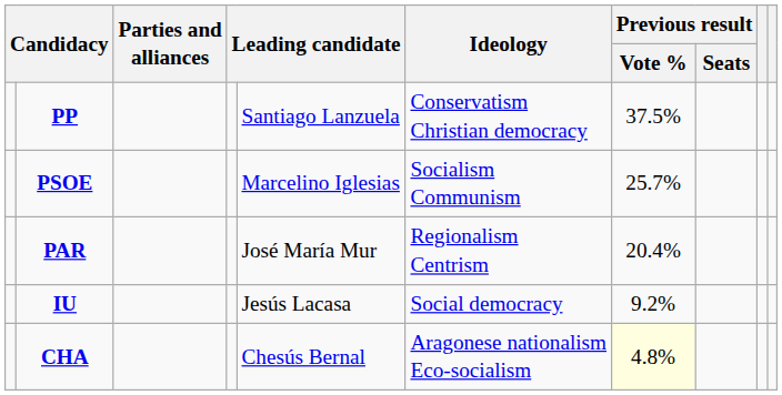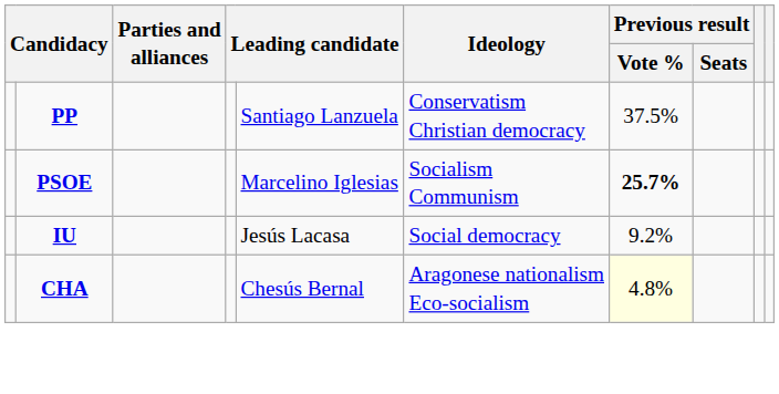 <table class="wikitable" style="line-height:1.35em; text-align:left;">
 <tr>
 <th colspan="2" rowspan="2">Candidacy</th>
 <th rowspan="2">Parties and<br>alliances</th>
 <th colspan="2" rowspan="2">Leading candidate</th>
 <th rowspan="2">Ideology</th>
 <th colspan="2">Previous result</th>
 <th rowspan="2"></th>
 <th rowspan="2"></th>
 </tr>
 <tr>
 <th>Vote %</th>
 <th>Seats</th>
 </tr>
 <tr>
 <td width="1" style="color:inherit;background:"></td>
 <td align="center"><strong><a href='#'>PP</a></strong></td>
 <td></td>
 <td></td>
 <td><a href='#'>Santiago Lanzuela</a></td>
 <td><a href='#'>Conservatism</a><br><a href='#'>Christian democracy</a></td>
 <td align="center">37.5%</td>
 <td></td>
 <td></td>
 <td></td>
 </tr>
 <tr>
 <td style="color:inherit;background:"></td>
 <td align="center"><strong><a href='#'>PSOE</a></strong></td>
 <td></td>
 <td></td>
 <td><a href='#'>Marcelino Iglesias</a></td>
 <td><a href='#'>Socialism</a><br><a href='#'>Communism</a></td>
-<td align="center">25.7%</td>
-<td></td>
-<td></td>
-<td></td>
-</tr>
-<tr>
-<td style="color:inherit;background:"></td>
-<td align="center"><strong><a href='#'>PAR</a></strong></td>
-<td></td>
-<td></td>
-<td>José María Mur</td>
-<td><a href='#'>Regionalism</a><br><a href='#'>Centrism</a></td>
-<td align="center">20.4%</td>
+<td align="center"><strong>25.7%</strong></td>
 <td></td>
 <td></td>
 <td></td>
 </tr>
 <tr>
 <td style="color:inherit;background:"></td>
 <td align="center"><strong><a href='#'>IU</a></strong></td>
 <td></td>
 <td></td>
 <td>Jesús Lacasa</td>
 <td><a href='#'>Social democracy</a></td>
 <td align="center">9.2%</td>
 <td></td>
 <td></td>
 <td></td>
 </tr>
 <tr>
 <td style="color:inherit;background:"></td>
 <td align="center"><strong><a href='#'>CHA</a></strong></td>
 <td></td>
 <td></td>
 <td><a href='#'>Chesús Bernal</a></td>
 <td><a href='#'>Aragonese nationalism</a><br><a href='#'>Eco-socialism</a></td>
 <td align="center" style="background: lightyellow;">4.8%</td>
 <td></td>
 <td></td>
 <td></td>
 </tr>
 </table>
